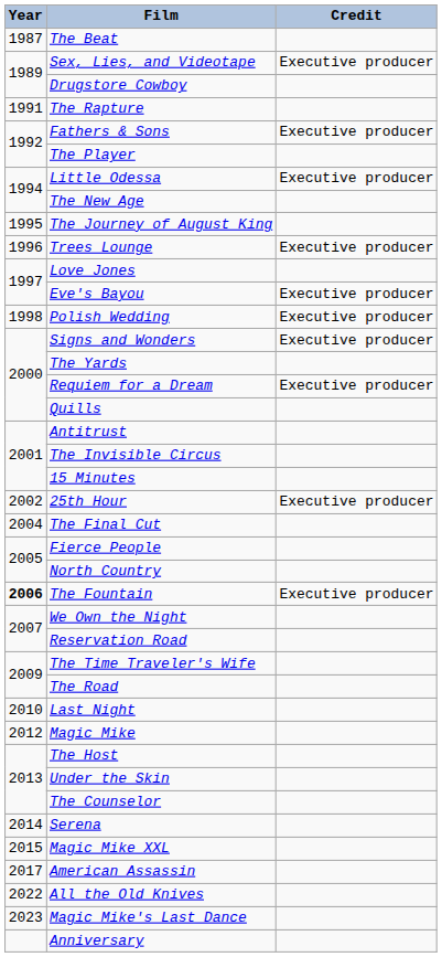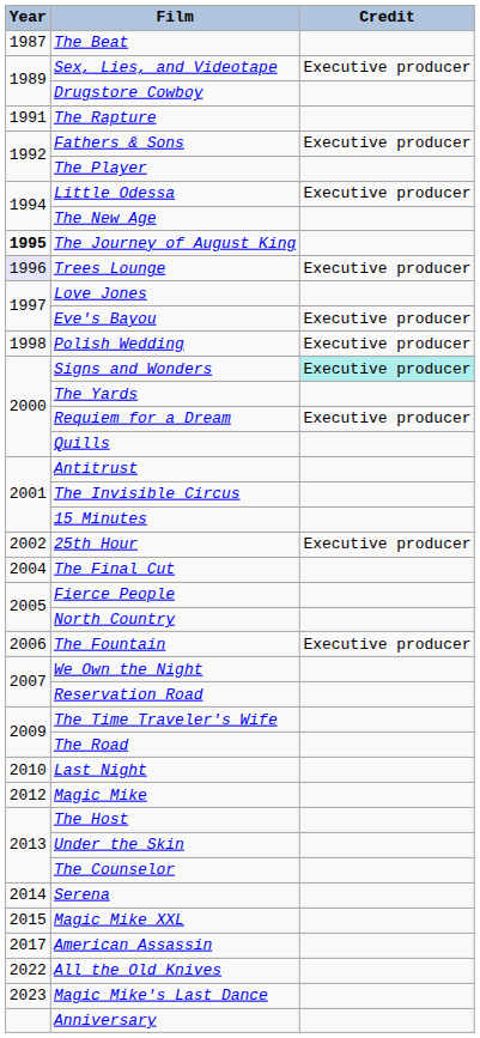 <table class="wikitable" style="font-size:95%;">
 <tr>
 <th style="background:#B0C4DE;">Year</th>
 <th style="background:#B0C4DE;">Film</th>
 <th style="background:#B0C4DE;">Credit</th>
 </tr>
 <tr>
 <td>1987</td>
 <td><em><a href='#'>The Beat</a></em></td>
 <td></td>
 </tr>
 <tr>
 <td rowspan=2>1989</td>
 <td><em><a href='#'>Sex, Lies, and Videotape</a></em></td>
 <td>Executive producer</td>
 </tr>
 <tr>
 <td><em><a href='#'>Drugstore Cowboy</a></em></td>
 <td></td>
 </tr>
 <tr>
 <td>1991</td>
 <td><em><a href='#'>The Rapture</a></em></td>
 <td></td>
 </tr>
 <tr>
 <td rowspan=2>1992</td>
 <td><em><a href='#'>Fathers & Sons</a></em></td>
 <td>Executive producer</td>
 </tr>
 <tr>
 <td><em><a href='#'>The Player</a></em></td>
 <td></td>
 </tr>
 <tr>
 <td rowspan=2>1994</td>
 <td><em><a href='#'>Little Odessa</a></em></td>
 <td>Executive producer</td>
 </tr>
 <tr>
 <td><em><a href='#'>The New Age</a></em></td>
 <td></td>
 </tr>
 <tr>
-<td>1995</td>
+<td><strong>1995</strong></td>
 <td><em><a href='#'>The Journey of August King</a></em></td>
 <td></td>
 </tr>
 <tr>
-<td>1996</td>
+<td style="background: lavender;">1996</td>
 <td><em><a href='#'>Trees Lounge</a></em></td>
 <td>Executive producer</td>
 </tr>
 <tr>
 <td rowspan=2>1997</td>
 <td><em><a href='#'>Love Jones</a></em></td>
 <td></td>
 </tr>
 <tr>
 <td><em><a href='#'>Eve's Bayou</a></em></td>
 <td>Executive producer</td>
 </tr>
 <tr>
 <td>1998</td>
 <td><em><a href='#'>Polish Wedding</a></em></td>
 <td>Executive producer</td>
 </tr>
 <tr>
 <td rowspan=4>2000</td>
 <td><em><a href='#'>Signs and Wonders</a></em></td>
-<td>Executive producer</td>
+<td style="background: paleturquoise;">Executive producer</td>
 </tr>
 <tr>
 <td><em><a href='#'>The Yards</a></em></td>
 <td></td>
 </tr>
 <tr>
 <td><em><a href='#'>Requiem for a Dream</a></em></td>
 <td>Executive producer</td>
 </tr>
 <tr>
 <td><em><a href='#'>Quills</a></em></td>
 <td></td>
 </tr>
 <tr>
 <td rowspan=3>2001</td>
 <td><em><a href='#'>Antitrust</a></em></td>
 <td></td>
 </tr>
 <tr>
 <td><em><a href='#'>The Invisible Circus</a></em></td>
 <td></td>
 </tr>
 <tr>
 <td><em><a href='#'>15 Minutes</a></em></td>
 <td></td>
 </tr>
 <tr>
 <td>2002</td>
 <td><em><a href='#'>25th Hour</a></em></td>
 <td>Executive producer</td>
 </tr>
 <tr>
 <td>2004</td>
 <td><em><a href='#'>The Final Cut</a></em></td>
 <td></td>
 </tr>
 <tr>
 <td rowspan=2>2005</td>
 <td><em><a href='#'>Fierce People</a></em></td>
 <td></td>
 </tr>
 <tr>
 <td><em><a href='#'>North Country</a></em></td>
 <td></td>
 </tr>
 <tr>
-<td><strong>2006</strong></td>
+<td>2006</td>
 <td><em><a href='#'>The Fountain</a></em></td>
 <td>Executive producer</td>
 </tr>
 <tr>
 <td rowspan=2>2007</td>
 <td><em><a href='#'>We Own the Night</a></em></td>
 <td></td>
 </tr>
 <tr>
 <td><em><a href='#'>Reservation Road</a></em></td>
 <td></td>
 </tr>
 <tr>
 <td rowspan=2>2009</td>
 <td><em><a href='#'>The Time Traveler's Wife</a></em></td>
 <td></td>
 </tr>
 <tr>
 <td><em><a href='#'>The Road</a></em></td>
 <td></td>
 </tr>
 <tr>
 <td>2010</td>
 <td><em><a href='#'>Last Night</a></em></td>
 <td></td>
 </tr>
 <tr>
 <td>2012</td>
 <td><em><a href='#'>Magic Mike</a></em></td>
 <td></td>
 </tr>
 <tr>
 <td rowspan=3>2013</td>
 <td><em><a href='#'>The Host</a></em></td>
 <td></td>
 </tr>
 <tr>
 <td><em><a href='#'>Under the Skin</a></em></td>
 <td></td>
 </tr>
 <tr>
 <td><em><a href='#'>The Counselor</a></em></td>
 <td></td>
 </tr>
 <tr>
 <td>2014</td>
 <td><em><a href='#'>Serena</a></em></td>
 <td></td>
 </tr>
 <tr>
 <td>2015</td>
 <td><em><a href='#'>Magic Mike XXL</a></em></td>
 <td></td>
 </tr>
 <tr>
 <td>2017</td>
 <td><em><a href='#'>American Assassin</a></em></td>
 <td></td>
 </tr>
 <tr>
 <td>2022</td>
 <td><em><a href='#'>All the Old Knives</a></em></td>
 <td></td>
 </tr>
 <tr>
 <td>2023</td>
 <td><em><a href='#'>Magic Mike's Last Dance</a></em></td>
 <td></td>
 </tr>
 <tr>
 <td></td>
 <td><em><a href='#'>Anniversary</a></em></td>
 <td></td>
 </tr>
 </table>
